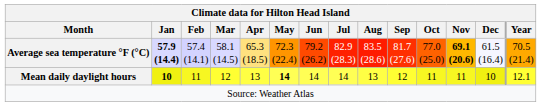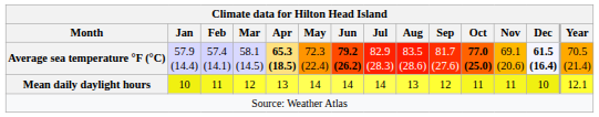 <table style="width:auto;text-align:center;line-height:1.2em;margin-left:auto;margin-right:auto" class="wikitable mw-collapsible">
 <tr>
 <th Colspan=14>Climate data for Hilton Head Island</th>
 </tr>
 <tr>
 <th>Month</th>
 <th>Jan</th>
 <th>Feb</th>
 <th>Mar</th>
 <th>Apr</th>
 <th>May</th>
 <th>Jun</th>
 <th>Jul</th>
 <th>Aug</th>
 <th>Sep</th>
 <th>Oct</th>
 <th>Nov</th>
 <th>Dec</th>
 <th style="border-left-width:medium">Year</th>
 </tr>
 <tr>
 <th>Average sea temperature °F (°C)</th>
-<td style="background:#D8D8FF;color:#000000;"><strong>57.9<br>(14.4)</strong></td>
+<td style="background:#D8D8FF;color:#000000;">57.9<br>(14.4)</td>
 <td style="background:#D3D3FF;color:#000000;">57.4<br>(14.1)</td>
 <td style="background:#D9D9FF;color:#000000;">58.1<br>(14.5)</td>
-<td style="background:#FFE17F;color:#000000;">65.3<br>(18.5)</td>
+<td style="background:#FFE17F;color:#000000;"><strong>65.3<br>(18.5)</strong></td>
 <td style="background:#FF9500;color:#000000;">72.3<br>(22.4)</td>
-<td style="background:#FF4A00;color:#000000;">79.2<br>(26.2)</td>
+<td style="background:#FF4A00;color:#000000;"><strong>79.2<br>(26.2)</strong></td>
 <td style="background:#FF2100;color:#FFFFFF;">82.9<br>(28.3)</td>
 <td style="background:#FF1B00;color:#FFFFFF;">83.5<br>(28.6)</td>
 <td style="background:#FF2F00;color:#FFFFFF;">81.7<br>(27.6)</td>
-<td style="background:#FF6200;color:#000000;">77.0<br>(25.0)</td>
-<td style="background:#FFB800;color:#000000;"><strong>69.1<br>(20.6)</strong></td>
-<td style="background:#F5F5FF;color:#000000;">61.5<br>(16.4)</td>
+<td style="background:#FF6200;color:#000000;"><strong>77.0<br>(25.0)</strong></td>
+<td style="background:#FFB800;color:#000000;">69.1<br>(20.6)</td>
+<td style="background:#F5F5FF;color:#000000;"><strong>61.5<br>(16.4)</strong></td>
 <td style="background:#FFA900;color:#000000;border-left-width:medium">70.5<br>(21.4)</td>
 </tr>
 <tr>
 <th>Mean daily daylight hours</th>
-<td style="background:#F0F011;color:#000000;"><strong>10</strong></td>
+<td style="background:#F0F011;color:#000000;">10</td>
 <td style="background:#F7F722;color:#000000;">11</td>
 <td style="background:#FFFF33;color:#000000;">12</td>
 <td style="background:#FFFF44;color:#000000;">13</td>
-<td style="background:#FFFF55;color:#000000;"><strong>14</strong></td>
+<td style="background:#FFFF55;color:#000000;">14</td>
 <td style="background:#FFFF55;color:#000000;">14</td>
 <td style="background:#FFFF55;color:#000000;">14</td>
 <td style="background:#FFFF44;color:#000000;">13</td>
 <td style="background:#FFFF33;color:#000000;">12</td>
 <td style="background:#F7F722;color:#000000;">11</td>
 <td style="background:#F7F722;color:#000000;">11</td>
 <td style="background:#F0F011;color:#000000;">10</td>
 <td style="background:#FFFF34;color:#000000;border-left-width:medium">12.1</td>
 </tr>
 <tr>
 <th Colspan=14 style="background:#f8f9fa;font-weight:normal;font-size:95%;">Source: Weather Atlas </th>
 </tr>
 </table>
